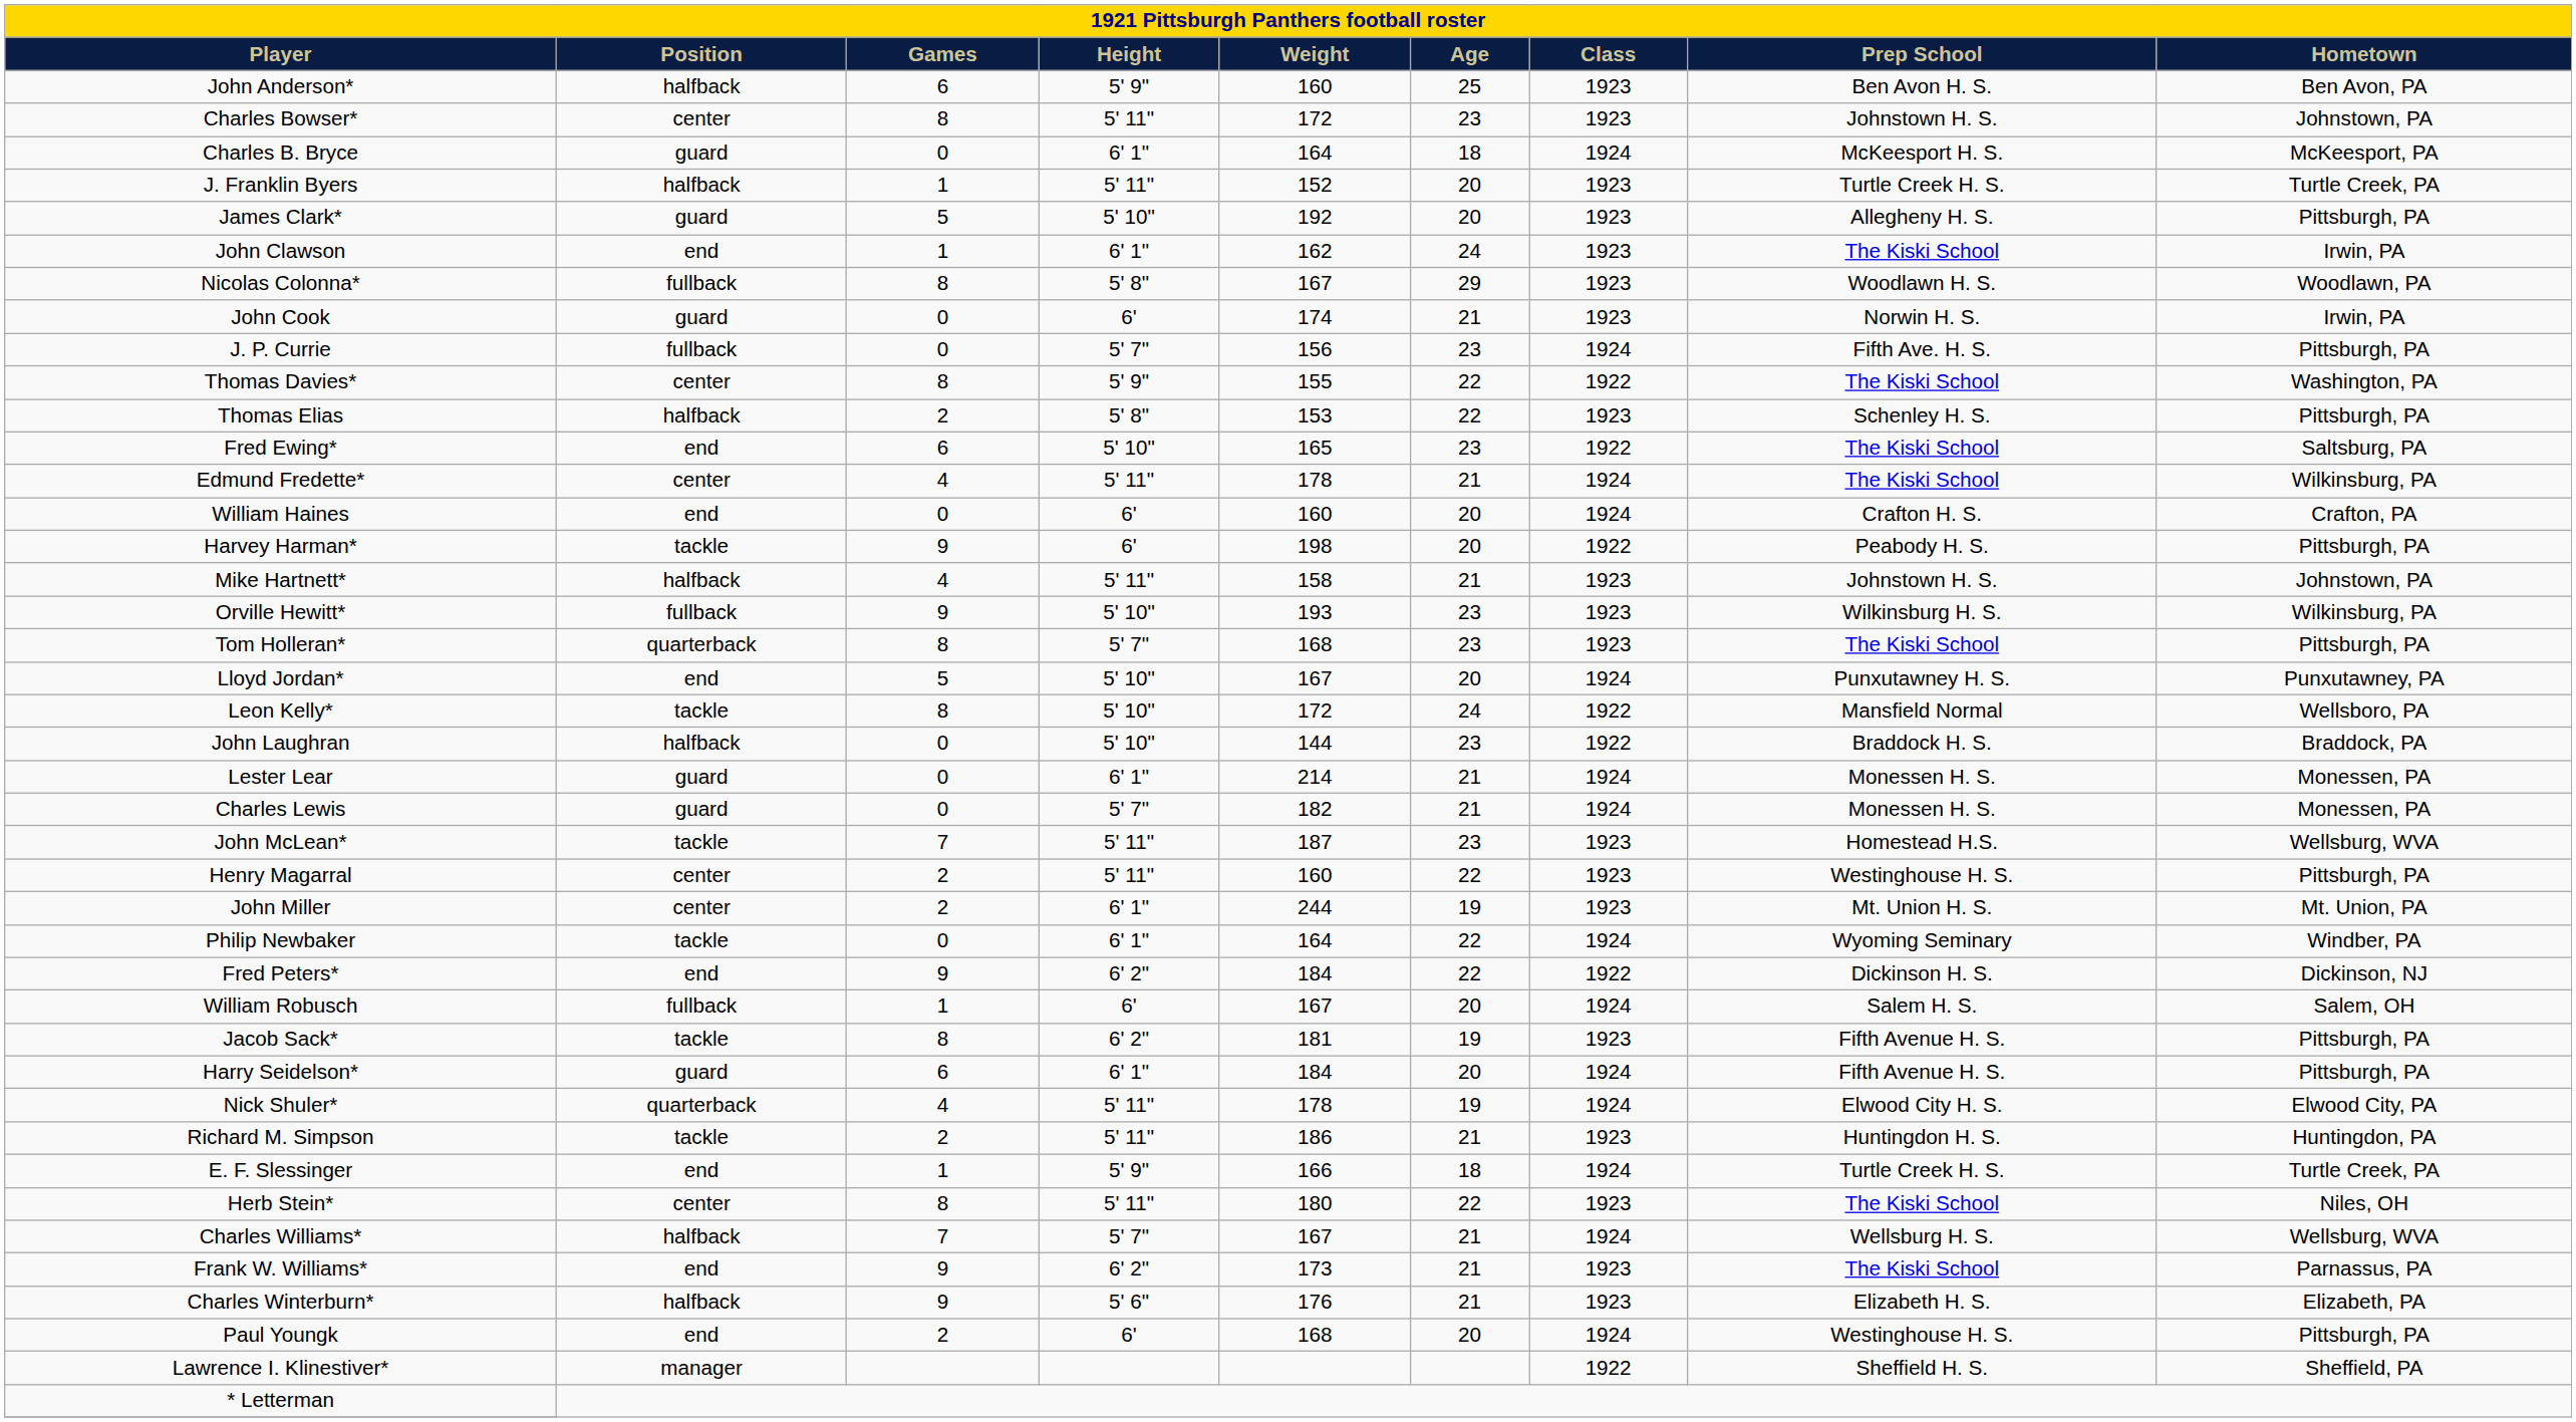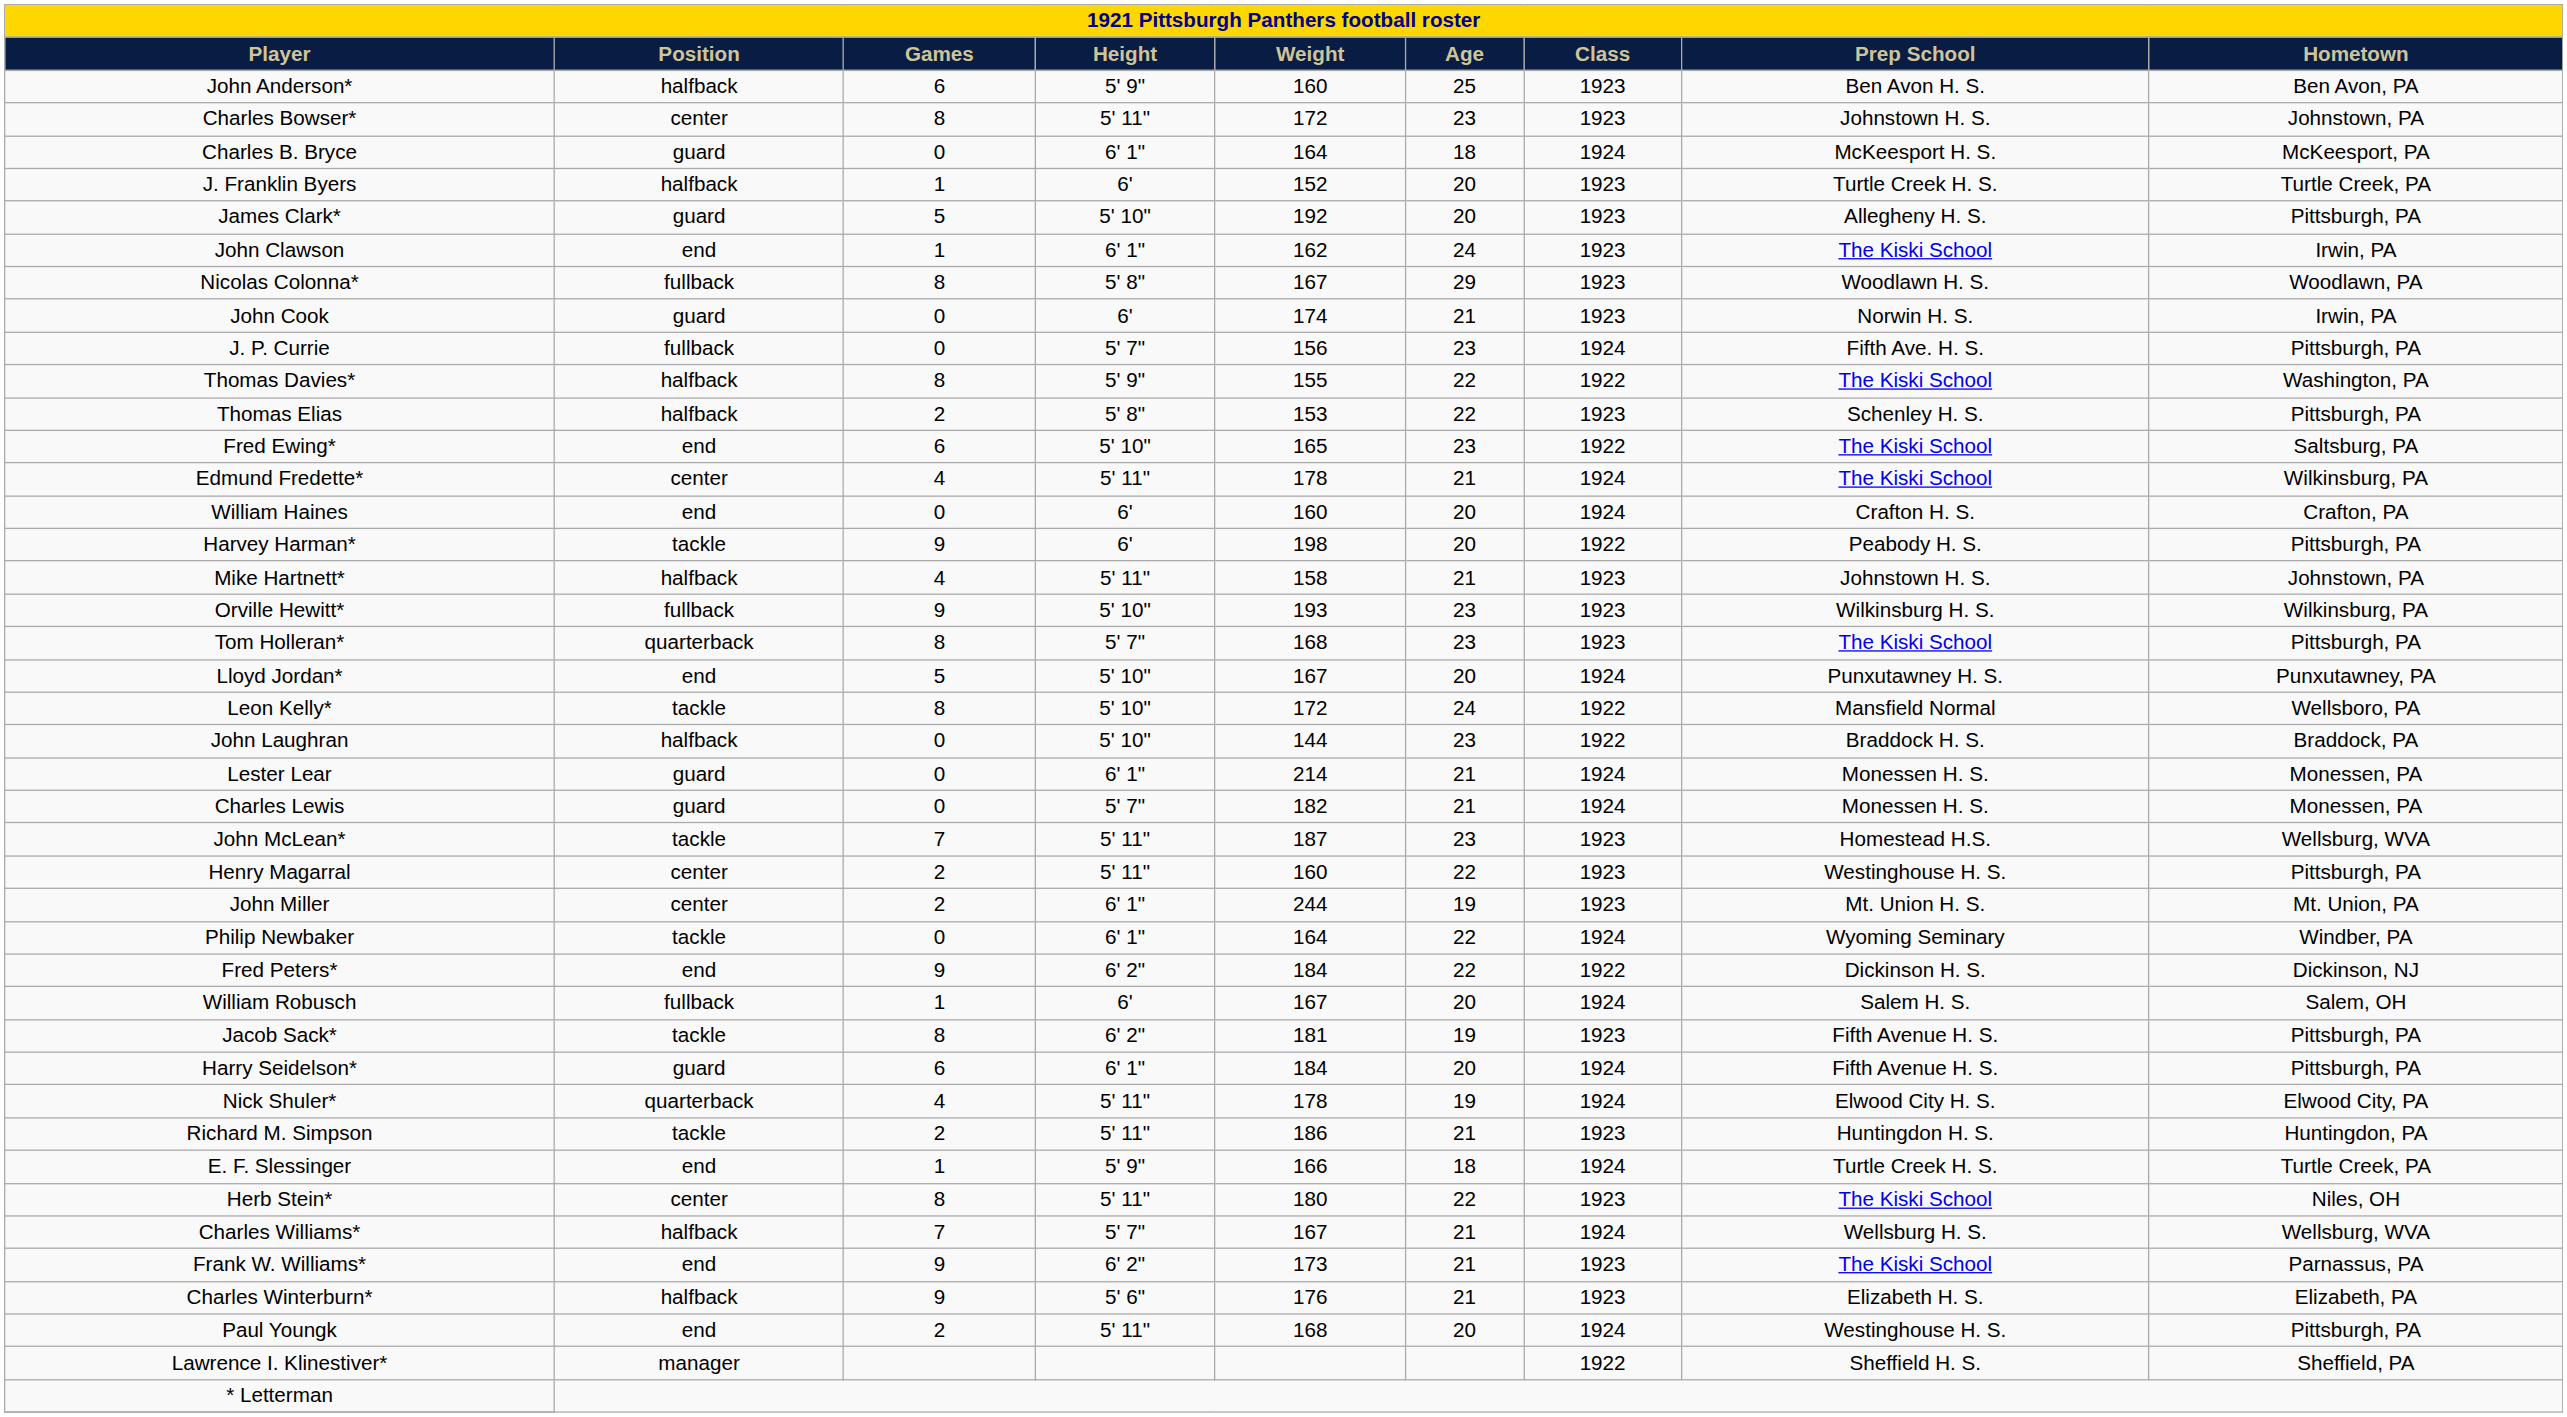 <table class="wikitable collapsible collapsed" style="margin: left; text-align:right; width:100%;">
 <tr>
 <th colspan="10" ; style="background:gold; color:darkblue; text-align: center;"><strong>1921 Pittsburgh Panthers football roster</strong></th>
 </tr>
 <tr align="center"  style="background:#091C44; color:#CEC499;">
 <td><strong>Player</strong></td>
 <td><strong>Position</strong></td>
 <td><strong>Games</strong></td>
 <td><strong>Height</strong></td>
 <td><strong>Weight</strong></td>
 <td><strong>Age</strong></td>
 <td><strong>Class</strong></td>
 <td><strong>Prep School</strong></td>
 <td><strong>Hometown</strong></td>
 </tr>
 <tr align="center" bgcolor="">
 <td>John Anderson*</td>
 <td>halfback</td>
 <td>6</td>
 <td>5' 9"</td>
 <td>160</td>
 <td>25</td>
 <td>1923</td>
 <td>Ben Avon H. S.</td>
 <td>Ben Avon, PA</td>
 </tr>
 <tr align="center" bgcolor="">
 <td>Charles Bowser*</td>
 <td>center</td>
 <td>8</td>
 <td>5' 11"</td>
 <td>172</td>
 <td>23</td>
 <td>1923</td>
 <td>Johnstown H. S.</td>
 <td>Johnstown, PA</td>
 </tr>
 <tr align="center" bgcolor="">
 <td>Charles B. Bryce</td>
 <td>guard</td>
 <td>0</td>
 <td>6' 1"</td>
 <td>164</td>
 <td>18</td>
 <td>1924</td>
 <td>McKeesport H. S.</td>
 <td>McKeesport, PA</td>
 </tr>
 <tr align="center" bgcolor="">
 <td>J. Franklin Byers</td>
 <td>halfback</td>
 <td>1</td>
-<td>5' 11"</td>
+<td>6'</td>
 <td>152</td>
 <td>20</td>
 <td>1923</td>
 <td>Turtle Creek H. S.</td>
 <td>Turtle Creek, PA</td>
 </tr>
 <tr align="center" bgcolor="">
 <td>James Clark*</td>
 <td>guard</td>
 <td>5</td>
 <td>5' 10"</td>
 <td>192</td>
 <td>20</td>
 <td>1923</td>
 <td>Allegheny H. S.</td>
 <td>Pittsburgh, PA</td>
 </tr>
 <tr align="center" bgcolor="">
 <td>John Clawson</td>
 <td>end</td>
 <td>1</td>
 <td>6' 1"</td>
 <td>162</td>
 <td>24</td>
 <td>1923</td>
 <td><a href='#'>The Kiski School</a></td>
 <td>Irwin, PA</td>
 </tr>
 <tr align="center" bgcolor="">
 <td>Nicolas Colonna*</td>
 <td>fullback</td>
 <td>8</td>
 <td>5' 8"</td>
 <td>167</td>
 <td>29</td>
 <td>1923</td>
 <td>Woodlawn H. S.</td>
 <td>Woodlawn, PA</td>
 </tr>
 <tr align="center" bgcolor="">
 <td>John Cook</td>
 <td>guard</td>
 <td>0</td>
 <td>6'</td>
 <td>174</td>
 <td>21</td>
 <td>1923</td>
 <td>Norwin H. S.</td>
 <td>Irwin, PA</td>
 </tr>
 <tr align="center" bgcolor="">
 <td>J. P. Currie</td>
 <td>fullback</td>
 <td>0</td>
 <td>5' 7"</td>
 <td>156</td>
 <td>23</td>
 <td>1924</td>
 <td>Fifth Ave. H. S.</td>
 <td>Pittsburgh, PA</td>
 </tr>
 <tr align="center" bgcolor="">
 <td>Thomas Davies*</td>
-<td>center</td>
+<td>halfback</td>
 <td>8</td>
 <td>5' 9"</td>
 <td>155</td>
 <td>22</td>
 <td>1922</td>
 <td><a href='#'>The Kiski School</a></td>
 <td>Washington, PA</td>
 </tr>
 <tr align="center" bgcolor="">
 <td>Thomas Elias</td>
 <td>halfback</td>
 <td>2</td>
 <td>5' 8"</td>
 <td>153</td>
 <td>22</td>
 <td>1923</td>
 <td>Schenley H. S.</td>
 <td>Pittsburgh, PA</td>
 </tr>
 <tr align="center" bgcolor="">
 <td>Fred Ewing*</td>
 <td>end</td>
 <td>6</td>
 <td>5' 10"</td>
 <td>165</td>
 <td>23</td>
 <td>1922</td>
 <td><a href='#'>The Kiski School</a></td>
 <td>Saltsburg, PA</td>
 </tr>
 <tr align="center" bgcolor="">
 <td>Edmund Fredette*</td>
 <td>center</td>
 <td>4</td>
 <td>5' 11"</td>
 <td>178</td>
 <td>21</td>
 <td>1924</td>
 <td><a href='#'>The Kiski School</a></td>
 <td>Wilkinsburg, PA</td>
 </tr>
 <tr align="center" bgcolor="">
 <td>William Haines</td>
 <td>end</td>
 <td>0</td>
 <td>6'</td>
 <td>160</td>
 <td>20</td>
 <td>1924</td>
 <td>Crafton H. S.</td>
 <td>Crafton, PA</td>
 </tr>
 <tr align="center" bgcolor="">
 <td>Harvey Harman*</td>
 <td>tackle</td>
 <td>9</td>
 <td>6'</td>
 <td>198</td>
 <td>20</td>
 <td>1922</td>
 <td>Peabody H. S.</td>
 <td>Pittsburgh, PA</td>
 </tr>
 <tr align="center" bgcolor="">
 <td>Mike Hartnett*</td>
 <td>halfback</td>
 <td>4</td>
 <td>5' 11"</td>
 <td>158</td>
 <td>21</td>
 <td>1923</td>
 <td>Johnstown H. S.</td>
 <td>Johnstown, PA</td>
 </tr>
 <tr align="center" bgcolor="">
 <td>Orville Hewitt*</td>
 <td>fullback</td>
 <td>9</td>
 <td>5' 10"</td>
 <td>193</td>
 <td>23</td>
 <td>1923</td>
 <td>Wilkinsburg H. S.</td>
 <td>Wilkinsburg, PA</td>
 </tr>
 <tr align="center" bgcolor="">
 <td>Tom Holleran*</td>
 <td>quarterback</td>
 <td>8</td>
 <td>5' 7"</td>
 <td>168</td>
 <td>23</td>
 <td>1923</td>
 <td><a href='#'>The Kiski School</a></td>
 <td>Pittsburgh, PA</td>
 </tr>
 <tr align="center" bgcolor="">
 <td>Lloyd Jordan*</td>
 <td>end</td>
 <td>5</td>
 <td>5' 10"</td>
 <td>167</td>
 <td>20</td>
 <td>1924</td>
 <td>Punxutawney H. S.</td>
 <td>Punxutawney, PA</td>
 </tr>
 <tr align="center" bgcolor="">
 <td>Leon Kelly*</td>
 <td>tackle</td>
 <td>8</td>
 <td>5' 10"</td>
 <td>172</td>
 <td>24</td>
 <td>1922</td>
 <td>Mansfield Normal</td>
 <td>Wellsboro, PA</td>
 </tr>
 <tr align="center" bgcolor="">
 <td>John Laughran</td>
 <td>halfback</td>
 <td>0</td>
 <td>5' 10"</td>
 <td>144</td>
 <td>23</td>
 <td>1922</td>
 <td>Braddock H. S.</td>
 <td>Braddock, PA</td>
 </tr>
 <tr align="center" bgcolor="">
 <td>Lester Lear</td>
 <td>guard</td>
 <td>0</td>
 <td>6' 1"</td>
 <td>214</td>
 <td>21</td>
 <td>1924</td>
 <td>Monessen H. S.</td>
 <td>Monessen, PA</td>
 </tr>
 <tr align="center" bgcolor="">
 <td>Charles Lewis</td>
 <td>guard</td>
 <td>0</td>
 <td>5' 7"</td>
 <td>182</td>
 <td>21</td>
 <td>1924</td>
 <td>Monessen H. S.</td>
 <td>Monessen, PA</td>
 </tr>
 <tr align="center" bgcolor="">
 <td>John McLean*</td>
 <td>tackle</td>
 <td>7</td>
 <td>5' 11"</td>
 <td>187</td>
 <td>23</td>
 <td>1923</td>
 <td>Homestead H.S.</td>
 <td>Wellsburg, WVA</td>
 </tr>
 <tr align="center" bgcolor="">
 <td>Henry Magarral</td>
 <td>center</td>
 <td>2</td>
 <td>5' 11"</td>
 <td>160</td>
 <td>22</td>
 <td>1923</td>
 <td>Westinghouse H. S.</td>
 <td>Pittsburgh, PA</td>
 </tr>
 <tr align="center" bgcolor="">
 <td>John Miller</td>
 <td>center</td>
 <td>2</td>
 <td>6' 1"</td>
 <td>244</td>
 <td>19</td>
 <td>1923</td>
 <td>Mt. Union H. S.</td>
 <td>Mt. Union, PA</td>
 </tr>
 <tr align="center" bgcolor="">
 <td>Philip Newbaker</td>
 <td>tackle</td>
 <td>0</td>
 <td>6' 1"</td>
 <td>164</td>
 <td>22</td>
 <td>1924</td>
 <td>Wyoming Seminary</td>
 <td>Windber, PA</td>
 </tr>
 <tr align="center" bgcolor="">
 <td>Fred Peters*</td>
 <td>end</td>
 <td>9</td>
 <td>6' 2"</td>
 <td>184</td>
 <td>22</td>
 <td>1922</td>
 <td>Dickinson H. S.</td>
 <td>Dickinson, NJ</td>
 </tr>
 <tr align="center" bgcolor="">
 <td>William Robusch</td>
 <td>fullback</td>
 <td>1</td>
 <td>6'</td>
 <td>167</td>
 <td>20</td>
 <td>1924</td>
 <td>Salem H. S.</td>
 <td>Salem, OH</td>
 </tr>
 <tr align="center" bgcolor="">
 <td>Jacob Sack*</td>
 <td>tackle</td>
 <td>8</td>
 <td>6' 2"</td>
 <td>181</td>
 <td>19</td>
 <td>1923</td>
 <td>Fifth Avenue H. S.</td>
 <td>Pittsburgh, PA</td>
 </tr>
 <tr align="center" bgcolor="">
 <td>Harry Seidelson*</td>
 <td>guard</td>
 <td>6</td>
 <td>6' 1"</td>
 <td>184</td>
 <td>20</td>
 <td>1924</td>
 <td>Fifth Avenue H. S.</td>
 <td>Pittsburgh, PA</td>
 </tr>
 <tr align="center" bgcolor="">
 <td>Nick Shuler*</td>
 <td>quarterback</td>
 <td>4</td>
 <td>5' 11"</td>
 <td>178</td>
 <td>19</td>
 <td>1924</td>
 <td>Elwood City H. S.</td>
 <td>Elwood City, PA</td>
 </tr>
 <tr align="center" bgcolor="">
 <td>Richard M. Simpson</td>
 <td>tackle</td>
 <td>2</td>
 <td>5' 11"</td>
 <td>186</td>
 <td>21</td>
 <td>1923</td>
 <td>Huntingdon H. S.</td>
 <td>Huntingdon, PA</td>
 </tr>
 <tr align="center">
 <td>E. F. Slessinger</td>
 <td>end</td>
 <td>1</td>
 <td>5' 9"</td>
 <td>166</td>
 <td>18</td>
 <td>1924</td>
 <td>Turtle Creek H. S.</td>
 <td>Turtle Creek, PA</td>
 </tr>
 <tr align="center">
 <td>Herb Stein*</td>
 <td>center</td>
 <td>8</td>
 <td>5' 11"</td>
 <td>180</td>
 <td>22</td>
 <td>1923</td>
 <td><a href='#'>The Kiski School</a></td>
 <td>Niles, OH</td>
 </tr>
 <tr align="center" bgcolor="">
 <td>Charles Williams*</td>
 <td>halfback</td>
 <td>7</td>
 <td>5' 7"</td>
 <td>167</td>
 <td>21</td>
 <td>1924</td>
 <td>Wellsburg H. S.</td>
 <td>Wellsburg, WVA</td>
 </tr>
 <tr align="center" bgcolor="">
 <td>Frank W. Williams*</td>
 <td>end</td>
 <td>9</td>
 <td>6' 2"</td>
 <td>173</td>
 <td>21</td>
 <td>1923</td>
 <td><a href='#'>The Kiski School</a></td>
 <td>Parnassus, PA</td>
 </tr>
 <tr align="center" bgcolor="">
 <td>Charles Winterburn*</td>
 <td>halfback</td>
 <td>9</td>
 <td>5' 6"</td>
 <td>176</td>
 <td>21</td>
 <td>1923</td>
 <td>Elizabeth H. S.</td>
 <td>Elizabeth, PA</td>
 </tr>
 <tr align="center" bgcolor="">
 <td>Paul Youngk</td>
 <td>end</td>
 <td>2</td>
-<td>6'</td>
+<td>5' 11"</td>
 <td>168</td>
 <td>20</td>
 <td>1924</td>
 <td>Westinghouse H. S.</td>
 <td>Pittsburgh, PA</td>
 </tr>
 <tr align="center" bgcolor="">
 <td>Lawrence I. Klinestiver*</td>
 <td>manager</td>
 <td></td>
 <td></td>
 <td></td>
 <td></td>
 <td>1922</td>
 <td>Sheffield H. S.</td>
 <td>Sheffield, PA</td>
 </tr>
 <tr align="center" bgcolor="">
 <td>* Letterman</td>
 </tr>
 <tr align="center" bgcolor="">
 </tr>
 </table>
